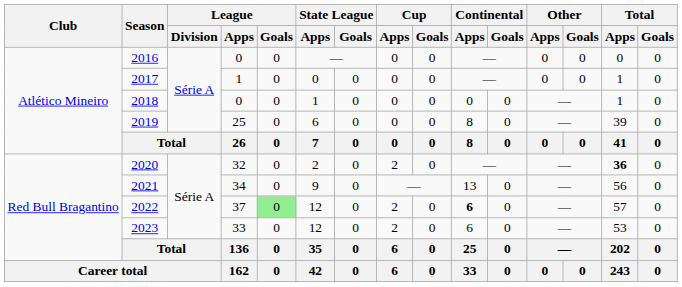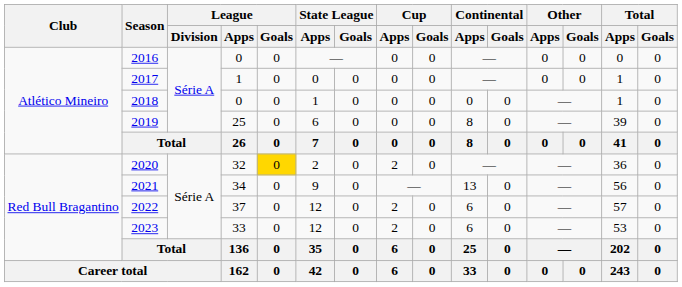 <table class="wikitable" style="text-align: center">
 <tr>
 <th rowspan="2">Club</th>
 <th rowspan="2">Season</th>
 <th colspan="3">League</th>
 <th colspan="2">State League</th>
 <th colspan="2">Cup</th>
 <th colspan="2">Continental</th>
 <th colspan="2">Other</th>
 <th colspan="2">Total</th>
 </tr>
 <tr>
 <th>Division</th>
 <th>Apps</th>
 <th>Goals</th>
 <th>Apps</th>
 <th>Goals</th>
 <th>Apps</th>
 <th>Goals</th>
 <th>Apps</th>
 <th>Goals</th>
 <th>Apps</th>
 <th>Goals</th>
 <th>Apps</th>
 <th>Goals</th>
 </tr>
 <tr>
 <td rowspan="5"><a href='#'>Atlético Mineiro</a></td>
 <td><a href='#'>2016</a></td>
 <td rowspan="4"><a href='#'>Série A</a></td>
 <td>0</td>
 <td>0</td>
 <td colspan="2">—</td>
 <td>0</td>
 <td>0</td>
 <td colspan="2">—</td>
 <td>0</td>
 <td>0</td>
 <td>0</td>
 <td>0</td>
 </tr>
 <tr>
 <td><a href='#'>2017</a></td>
 <td>1</td>
 <td>0</td>
 <td>0</td>
 <td>0</td>
 <td>0</td>
 <td>0</td>
 <td colspan="2">—</td>
 <td>0</td>
 <td>0</td>
 <td>1</td>
 <td>0</td>
 </tr>
 <tr>
 <td><a href='#'>2018</a></td>
 <td>0</td>
 <td>0</td>
 <td>1</td>
 <td>0</td>
 <td>0</td>
 <td>0</td>
 <td>0</td>
 <td>0</td>
 <td colspan="2">—</td>
 <td>1</td>
 <td>0</td>
 </tr>
 <tr>
 <td><a href='#'>2019</a></td>
 <td>25</td>
 <td>0</td>
 <td>6</td>
 <td>0</td>
 <td>0</td>
 <td>0</td>
 <td>8</td>
 <td>0</td>
 <td colspan="2">—</td>
 <td>39</td>
 <td>0</td>
 </tr>
 <tr>
 <th colspan="2">Total</th>
 <th>26</th>
 <th>0</th>
 <th>7</th>
 <th>0</th>
 <th>0</th>
 <th>0</th>
 <th>8</th>
 <th>0</th>
 <th>0</th>
 <th>0</th>
 <th>41</th>
 <th>0</th>
 </tr>
 <tr>
 <td rowspan="5"><a href='#'>Red Bull Bragantino</a></td>
 <td><a href='#'>2020</a></td>
 <td rowspan="4">Série A</td>
 <td>32</td>
-<td>0</td>
+<td style="background: gold;">0</td>
 <td>2</td>
 <td>0</td>
 <td>2</td>
 <td>0</td>
 <td colspan="2">—</td>
 <td colspan="2">—</td>
-<td><strong>36</strong></td>
+<td>36</td>
 <td>0</td>
 </tr>
 <tr>
 <td><a href='#'>2021</a></td>
 <td>34</td>
 <td>0</td>
 <td>9</td>
 <td>0</td>
 <td colspan="2">—</td>
 <td>13</td>
 <td>0</td>
 <td colspan="2">—</td>
 <td>56</td>
 <td>0</td>
 </tr>
 <tr>
 <td><a href='#'>2022</a></td>
 <td>37</td>
-<td style="background: lightgreen;">0</td>
+<td>0</td>
 <td>12</td>
 <td>0</td>
 <td>2</td>
 <td>0</td>
-<td><strong>6</strong></td>
+<td>6</td>
 <td>0</td>
 <td colspan="2">—</td>
 <td>57</td>
 <td>0</td>
 </tr>
 <tr>
 <td><a href='#'>2023</a></td>
 <td>33</td>
 <td>0</td>
 <td>12</td>
 <td>0</td>
 <td>2</td>
 <td>0</td>
 <td>6</td>
 <td>0</td>
 <td colspan="2">—</td>
 <td>53</td>
 <td>0</td>
 </tr>
 <tr>
 <th colspan="2">Total</th>
 <th>136</th>
 <th>0</th>
 <th>35</th>
 <th>0</th>
 <th>6</th>
 <th>0</th>
 <th>25</th>
 <th>0</th>
 <th colspan="2">—</th>
 <th>202</th>
 <th>0</th>
 </tr>
 <tr>
 <th colspan="3"><strong>Career total</strong></th>
 <th>162</th>
 <th>0</th>
 <th>42</th>
 <th>0</th>
 <th>6</th>
 <th>0</th>
 <th>33</th>
 <th>0</th>
 <th>0</th>
 <th>0</th>
 <th>243</th>
 <th>0</th>
 </tr>
 </table>
